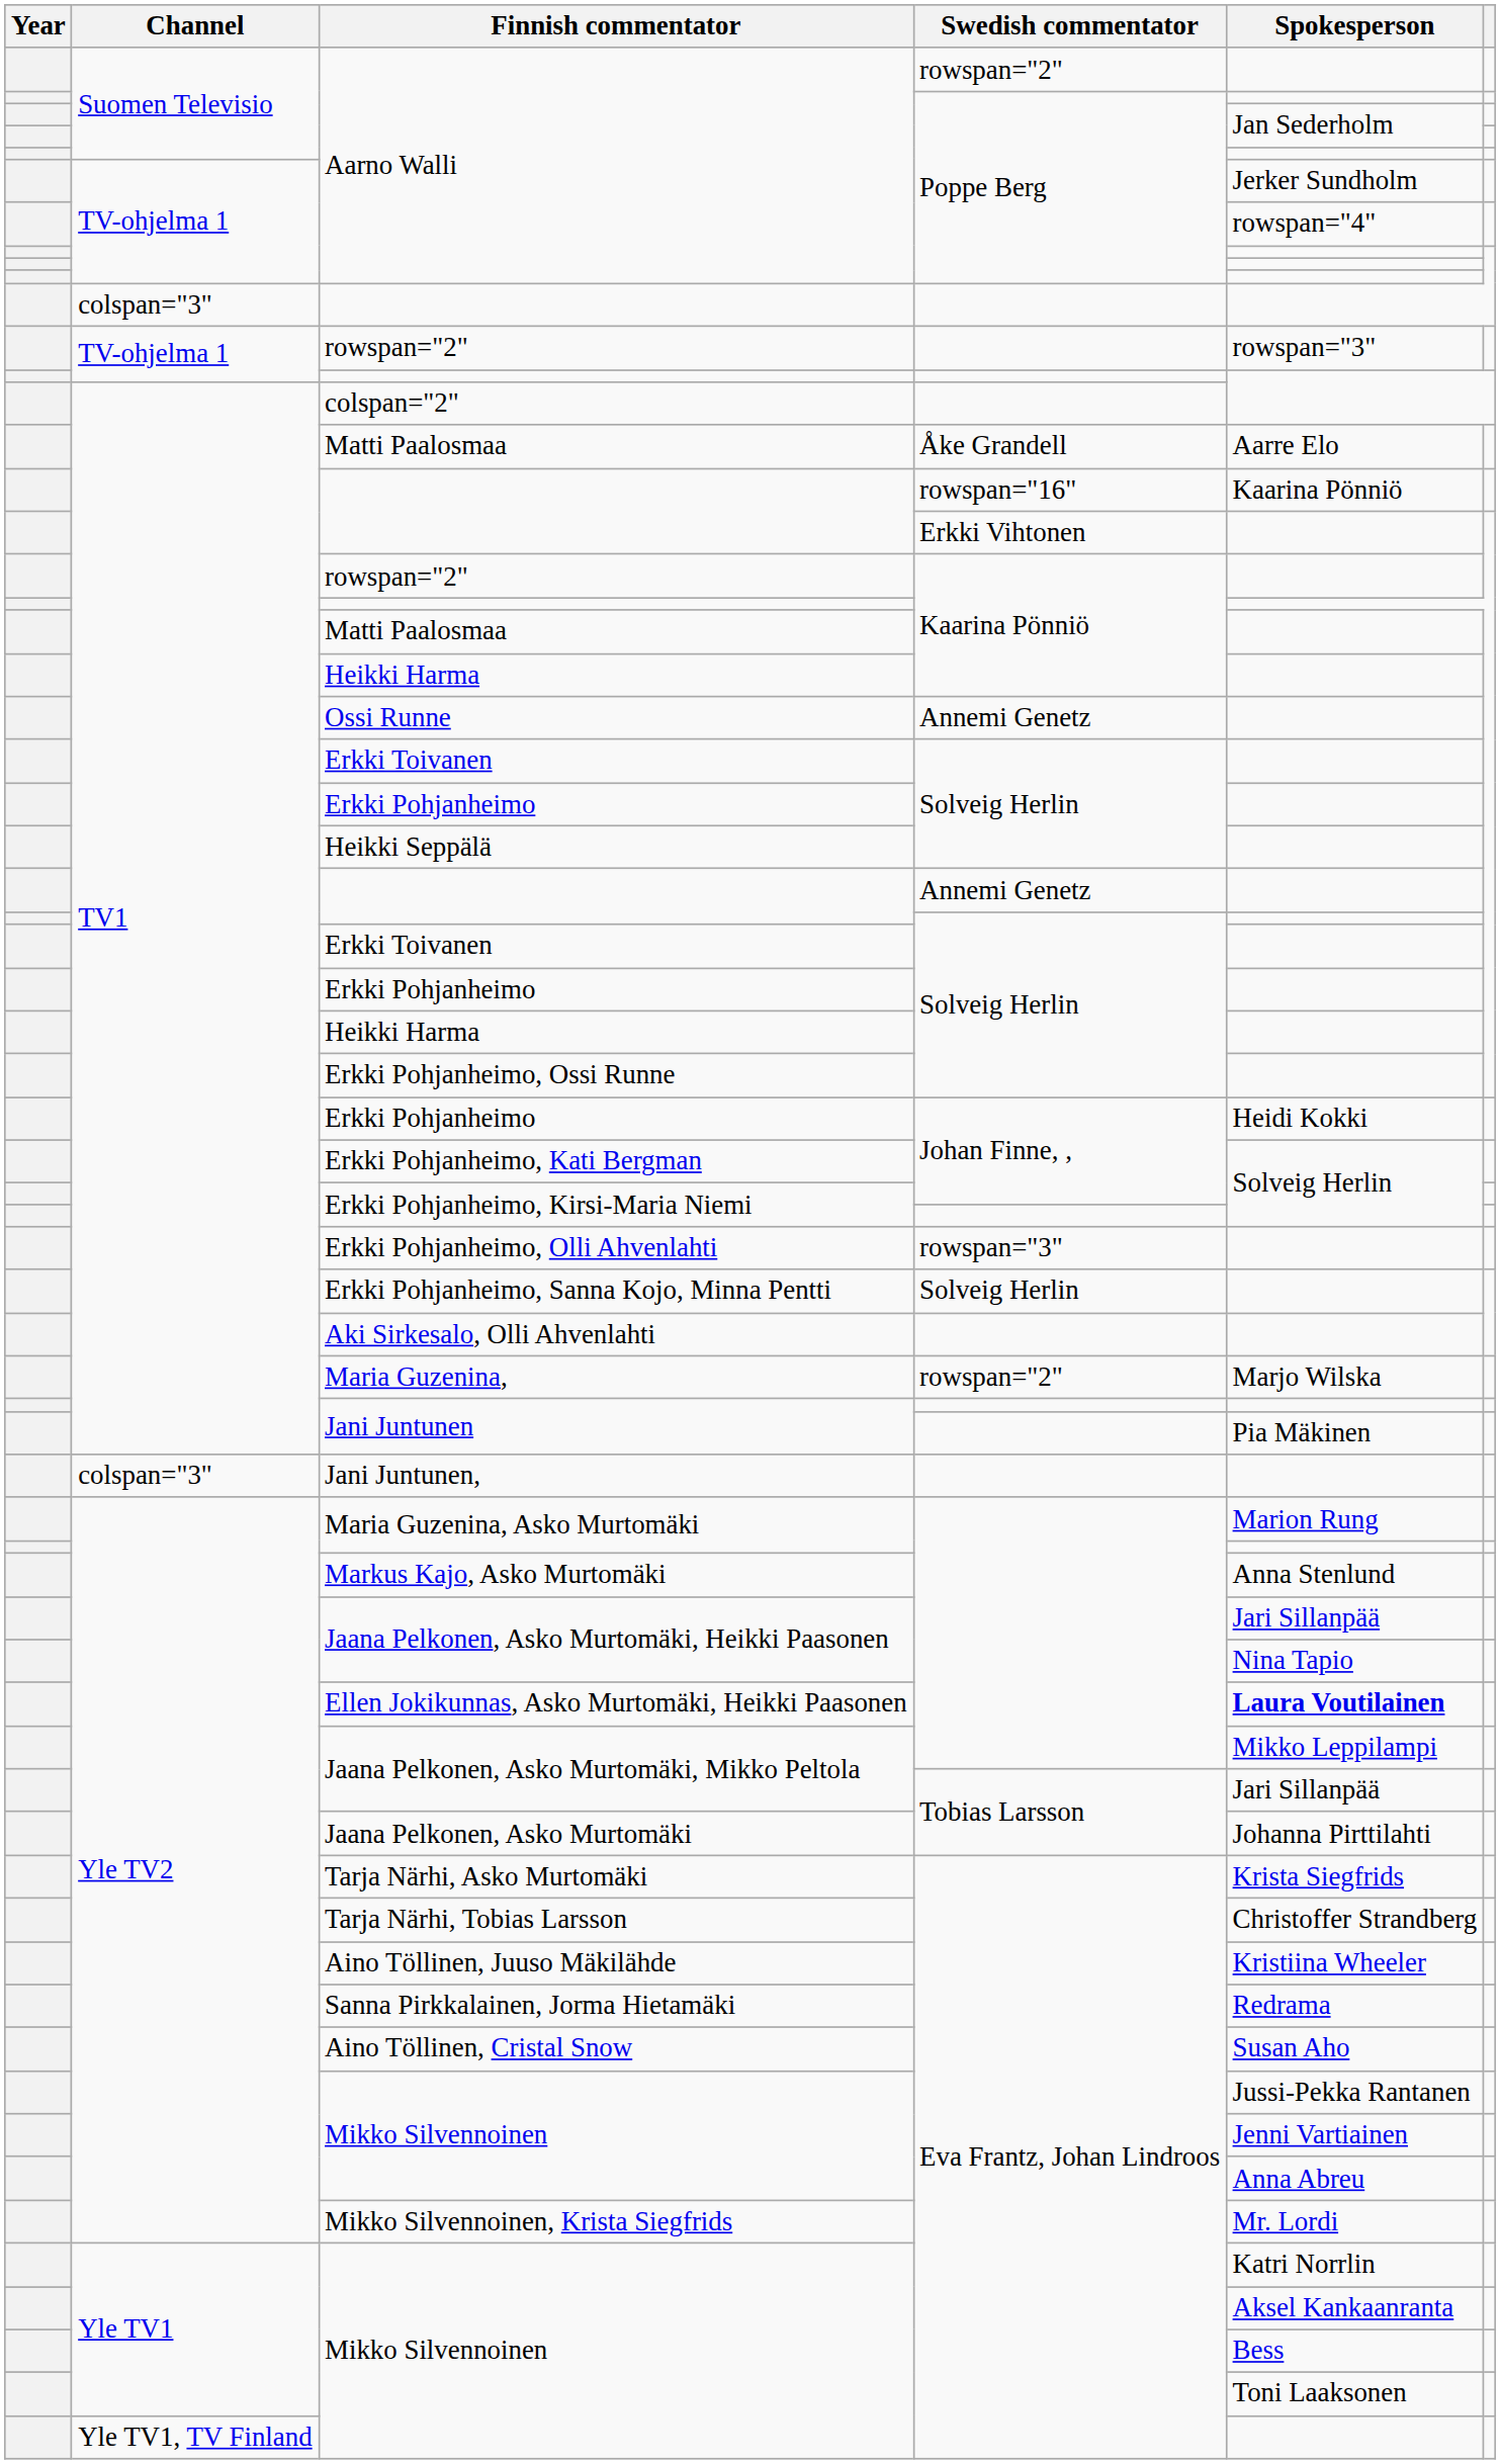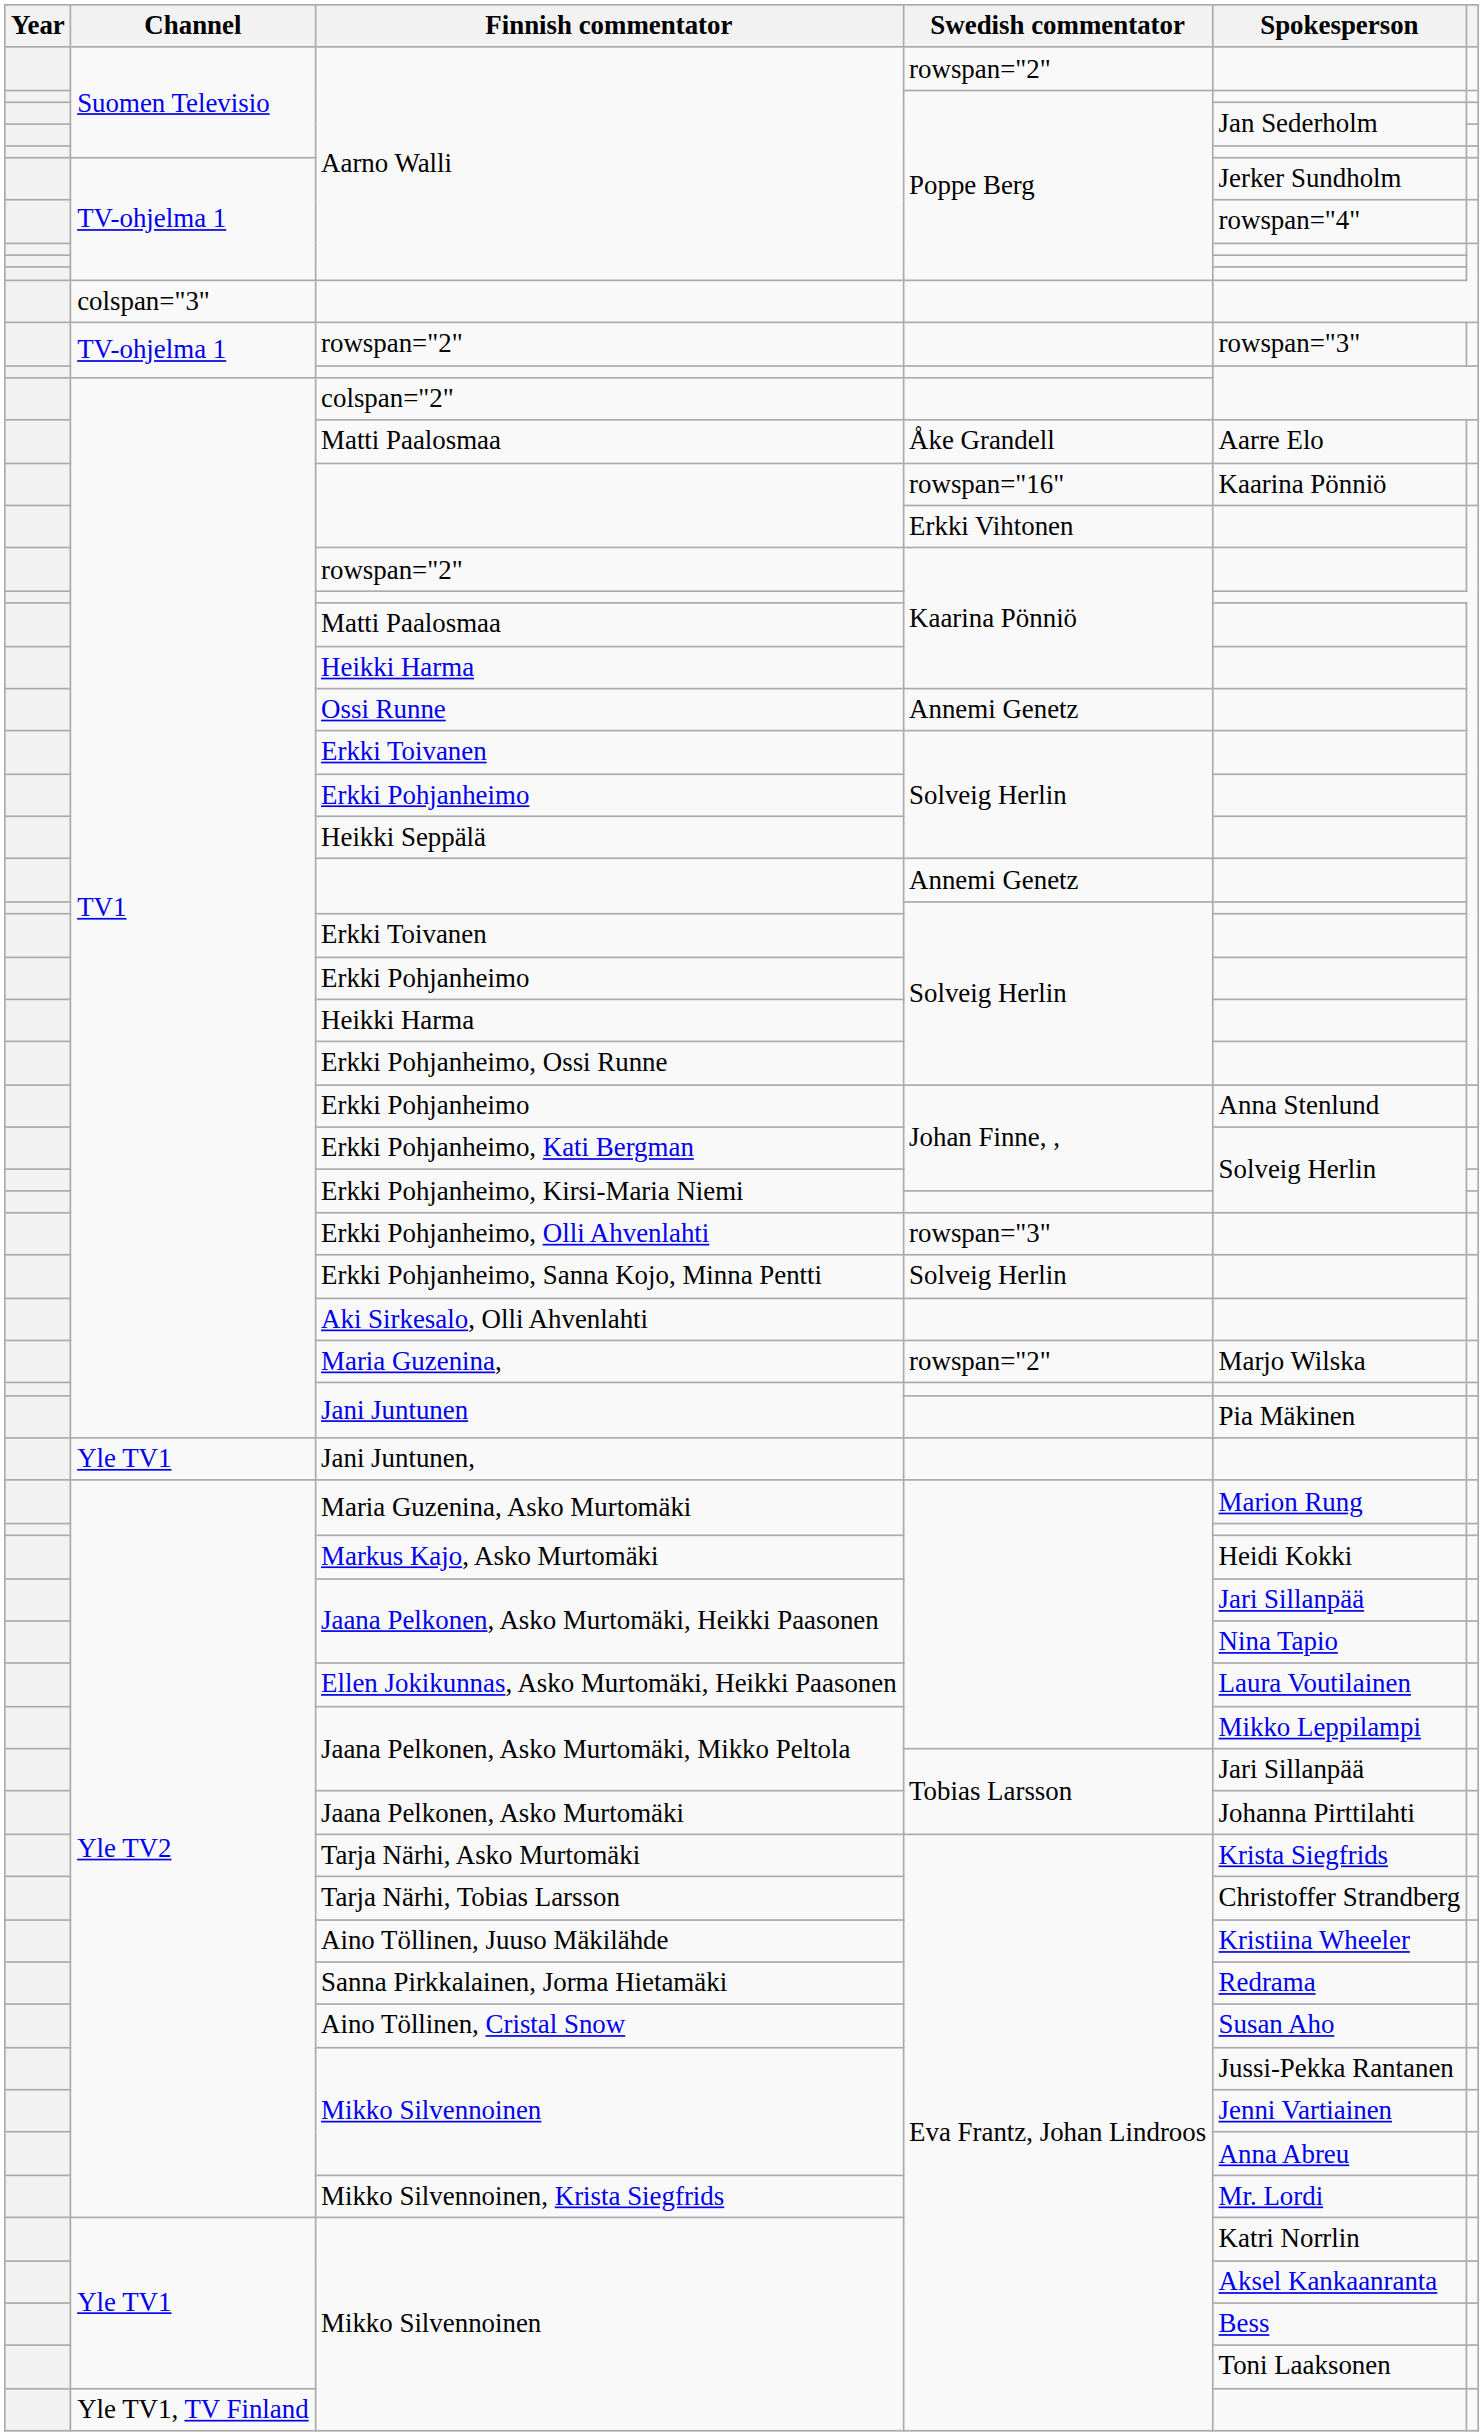 <table class="wikitable sortable plainrowheaders">
 <tr>
 <th>Year</th>
 <th>Channel</th>
 <th>Finnish commentator</th>
 <th>Swedish commentator</th>
 <th>Spokesperson</th>
 <th class="unsortable"></th>
 </tr>
 <tr>
 <th scope="row"></th>
 <td rowspan="5"><a href='#'>Suomen Televisio</a></td>
 <td rowspan="10">Aarno Walli</td>
 <td>rowspan="2" </td>
 <td></td>
 <td></td>
 </tr>
 <tr>
 <th scope="row"></th>
 <td rowspan="9">Poppe Berg</td>
 <td></td>
 </tr>
 <tr>
 <th scope="row"></th>
 <td rowspan="2">Jan Sederholm</td>
 <td></td>
 </tr>
 <tr>
 <th scope="row"></th>
 <td></td>
 </tr>
 <tr>
 <th scope="row"></th>
 <td></td>
 <td></td>
 </tr>
 <tr>
 <th scope="row"></th>
 <td rowspan="5"><a href='#'>TV-ohjelma 1</a></td>
 <td>Jerker Sundholm</td>
 <td></td>
 </tr>
 <tr>
 <th scope="row"></th>
 <td>rowspan="4" </td>
 <td></td>
 </tr>
 <tr>
 <th scope="row"></th>
 <td></td>
 </tr>
 <tr>
 <th scope="row"></th>
 <td></td>
 </tr>
 <tr>
 <th scope="row"></th>
 <td></td>
 </tr>
 <tr>
 <th scope="row"></th>
 <td>colspan="3" </td>
 <td></td>
 <td></td>
 </tr>
 <tr>
 <th scope="row"></th>
 <td rowspan="2"><a href='#'>TV-ohjelma 1</a></td>
 <td>rowspan="2" </td>
 <td></td>
 <td>rowspan="3" </td>
 <td></td>
 </tr>
 <tr>
 <th scope="row"></th>
 <td></td>
 <td></td>
 </tr>
 <tr>
 <th scope="row"></th>
 <td rowspan="28"><a href='#'>TV1</a></td>
 <td>colspan="2" </td>
 <td></td>
 </tr>
 <tr>
 <th scope="row"></th>
 <td>Matti Paalosmaa</td>
 <td>Åke Grandell</td>
 <td>Aarre Elo</td>
 <td></td>
 </tr>
 <tr>
 <th scope="row"></th>
 <td rowspan="2"></td>
 <td>rowspan="16" </td>
 <td>Kaarina Pönniö</td>
 <td></td>
 </tr>
 <tr>
 <th scope="row"></th>
 <td>Erkki Vihtonen</td>
 <td></td>
 </tr>
 <tr>
 <th scope="row"></th>
 <td>rowspan="2" </td>
 <td rowspan="4">Kaarina Pönniö</td>
 <td></td>
 </tr>
 <tr>
 <th scope="row"></th>
 <td></td>
 </tr>
 <tr>
 <th scope="row"></th>
 <td>Matti Paalosmaa</td>
 <td></td>
 </tr>
 <tr>
 <th scope="row"></th>
 <td><a href='#'>Heikki Harma</a></td>
 <td></td>
 </tr>
 <tr>
 <th scope="row"></th>
 <td><a href='#'>Ossi Runne</a></td>
 <td>Annemi Genetz</td>
 <td></td>
 </tr>
 <tr>
 <th scope="row"></th>
 <td><a href='#'>Erkki Toivanen</a></td>
 <td rowspan="3">Solveig Herlin</td>
 <td></td>
 </tr>
 <tr>
 <th scope="row"></th>
 <td><a href='#'>Erkki Pohjanheimo</a></td>
 <td></td>
 </tr>
 <tr>
 <th scope="row"></th>
 <td>Heikki Seppälä</td>
 <td></td>
 </tr>
 <tr>
 <th scope="row"></th>
 <td rowspan="2"></td>
 <td>Annemi Genetz</td>
 <td></td>
 </tr>
 <tr>
 <th scope="row"></th>
 <td rowspan="5">Solveig Herlin</td>
 <td></td>
 </tr>
 <tr>
 <th scope="row"></th>
 <td>Erkki Toivanen</td>
 <td></td>
 </tr>
 <tr>
 <th scope="row"></th>
 <td>Erkki Pohjanheimo</td>
 <td></td>
 </tr>
 <tr>
 <th scope="row"></th>
 <td>Heikki Harma</td>
 <td></td>
 </tr>
 <tr>
 <th scope="row"></th>
 <td>Erkki Pohjanheimo, Ossi Runne</td>
 <td></td>
 </tr>
 <tr>
 <th scope="row"></th>
 <td>Erkki Pohjanheimo</td>
 <td rowspan="3">Johan Finne, , </td>
-<td>Heidi Kokki</td>
+<td>Anna Stenlund</td>
 <td></td>
 </tr>
 <tr>
 <th scope="row"></th>
 <td>Erkki Pohjanheimo, <a href='#'>Kati Bergman</a></td>
 <td rowspan="3">Solveig Herlin</td>
 <td></td>
 </tr>
 <tr>
 <th scope="row"></th>
 <td rowspan="2">Erkki Pohjanheimo, Kirsi-Maria Niemi</td>
 <td></td>
 </tr>
 <tr>
 <th scope="row"></th>
 <td></td>
 <td></td>
 </tr>
 <tr>
 <th scope="row"></th>
 <td>Erkki Pohjanheimo, <a href='#'>Olli Ahvenlahti</a></td>
 <td>rowspan="3" </td>
 <td></td>
 <td></td>
 </tr>
 <tr>
 <th scope="row"></th>
 <td>Erkki Pohjanheimo, Sanna Kojo, Minna Pentti</td>
 <td>Solveig Herlin</td>
 <td></td>
 </tr>
 <tr>
 <th scope="row"></th>
 <td><a href='#'>Aki Sirkesalo</a>, Olli Ahvenlahti</td>
 <td></td>
 <td></td>
 </tr>
 <tr>
 <th scope="row"></th>
 <td><a href='#'>Maria Guzenina</a>, </td>
 <td>rowspan="2" </td>
 <td>Marjo Wilska</td>
 <td></td>
 </tr>
 <tr>
 <th scope="row"></th>
 <td rowspan="2"><a href='#'>Jani Juntunen</a></td>
 <td></td>
 <td></td>
 </tr>
 <tr>
 <th scope="row"></th>
 <td></td>
 <td>Pia Mäkinen</td>
 <td></td>
 </tr>
 <tr>
 <th scope="row"></th>
-<td>colspan="3" </td>
+<td><a href='#'>Yle TV1</a></td>
 <td>Jani Juntunen, </td>
 <td></td>
 <td></td>
 <td></td>
 </tr>
 <tr>
 <th scope="row"></th>
 <td rowspan="18"><a href='#'>Yle TV2</a></td>
 <td rowspan="2">Maria Guzenina, Asko Murtomäki</td>
 <td rowspan="7"></td>
 <td><a href='#'>Marion Rung</a></td>
 <td></td>
 </tr>
 <tr>
 <th scope="row"></th>
 <td></td>
 <td></td>
 </tr>
 <tr>
 <th scope="row"></th>
 <td><a href='#'>Markus Kajo</a>, Asko Murtomäki</td>
-<td>Anna Stenlund</td>
+<td>Heidi Kokki</td>
 <td></td>
 </tr>
 <tr>
 <th scope="row"></th>
 <td rowspan="2"><a href='#'>Jaana Pelkonen</a>, Asko Murtomäki, Heikki Paasonen</td>
 <td><a href='#'>Jari Sillanpää</a></td>
 <td></td>
 </tr>
 <tr>
 <th scope="row"></th>
 <td><a href='#'>Nina Tapio</a></td>
 <td></td>
 </tr>
 <tr>
 <th scope="row"></th>
 <td><a href='#'>Ellen Jokikunnas</a>, Asko Murtomäki, Heikki Paasonen</td>
-<td><strong><a href='#'>Laura Voutilainen</a></strong></td>
+<td><a href='#'>Laura Voutilainen</a></td>
 <td></td>
 </tr>
 <tr>
 <th scope="row"></th>
 <td rowspan="2">Jaana Pelkonen, Asko Murtomäki, Mikko Peltola</td>
 <td><a href='#'>Mikko Leppilampi</a></td>
 <td></td>
 </tr>
 <tr>
 <th scope="row"></th>
 <td rowspan="2">Tobias Larsson</td>
 <td>Jari Sillanpää</td>
 <td></td>
 </tr>
 <tr>
 <th scope="row"></th>
 <td>Jaana Pelkonen, Asko Murtomäki</td>
 <td>Johanna Pirttilahti</td>
 <td></td>
 </tr>
 <tr>
 <th scope="row"></th>
 <td>Tarja Närhi, Asko Murtomäki</td>
 <td rowspan="14">Eva Frantz, Johan Lindroos</td>
 <td><a href='#'>Krista Siegfrids</a></td>
 <td></td>
 </tr>
 <tr>
 <th scope="row"></th>
 <td>Tarja Närhi, Tobias Larsson</td>
 <td>Christoffer Strandberg</td>
 <td></td>
 </tr>
 <tr>
 <th scope="row"></th>
 <td>Aino Töllinen, Juuso Mäkilähde</td>
 <td><a href='#'>Kristiina Wheeler</a></td>
 <td></td>
 </tr>
 <tr>
 <th scope="row"></th>
 <td>Sanna Pirkkalainen, Jorma Hietamäki</td>
 <td><a href='#'>Redrama</a></td>
 <td></td>
 </tr>
 <tr>
 <th scope="row"></th>
 <td>Aino Töllinen, <a href='#'>Cristal Snow</a></td>
 <td><a href='#'>Susan Aho</a></td>
 <td></td>
 </tr>
 <tr>
 <th scope="row"></th>
 <td rowspan="3"><a href='#'>Mikko Silvennoinen</a></td>
 <td>Jussi-Pekka Rantanen</td>
 <td></td>
 </tr>
 <tr>
 <th scope="row"></th>
 <td><a href='#'>Jenni Vartiainen</a></td>
 <td></td>
 </tr>
 <tr>
 <th scope="row"></th>
 <td><a href='#'>Anna Abreu</a></td>
 <td></td>
 </tr>
 <tr>
 <th scope="row"></th>
 <td>Mikko Silvennoinen, <a href='#'>Krista Siegfrids</a></td>
 <td><a href='#'>Mr. Lordi</a></td>
 <td></td>
 </tr>
 <tr>
 <th scope="row"></th>
 <td rowspan="4"><a href='#'>Yle TV1</a></td>
 <td rowspan="5">Mikko Silvennoinen</td>
 <td>Katri Norrlin</td>
 <td></td>
 </tr>
 <tr>
 <th scope="row"></th>
 <td><a href='#'>Aksel Kankaanranta</a></td>
 <td></td>
 </tr>
 <tr>
 <th scope="row"></th>
 <td><a href='#'>Bess</a></td>
 <td></td>
 </tr>
 <tr>
 <th scope="row"></th>
 <td>Toni Laaksonen</td>
 <td></td>
 </tr>
 <tr>
 <th scope="row"></th>
 <td>Yle TV1, <a href='#'>TV Finland</a></td>
 <td></td>
 <td></td>
 </tr>
 </table>
